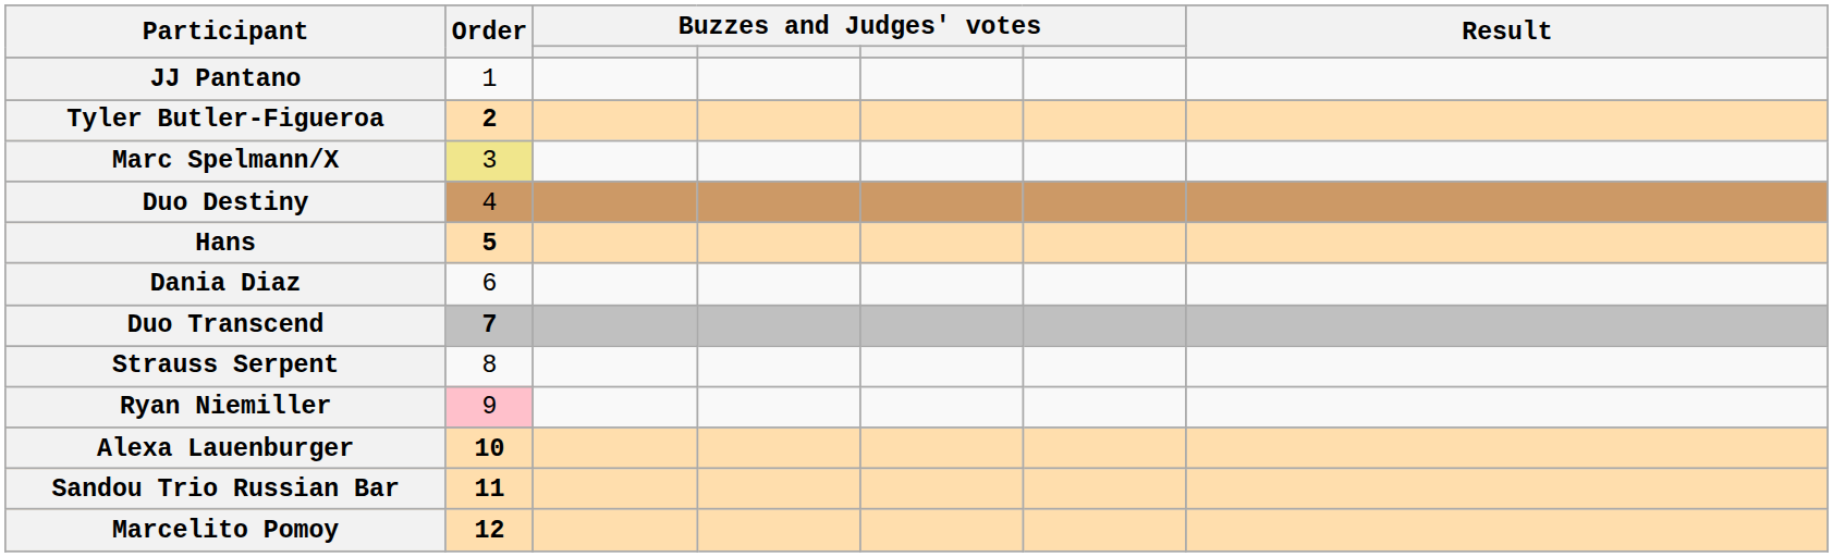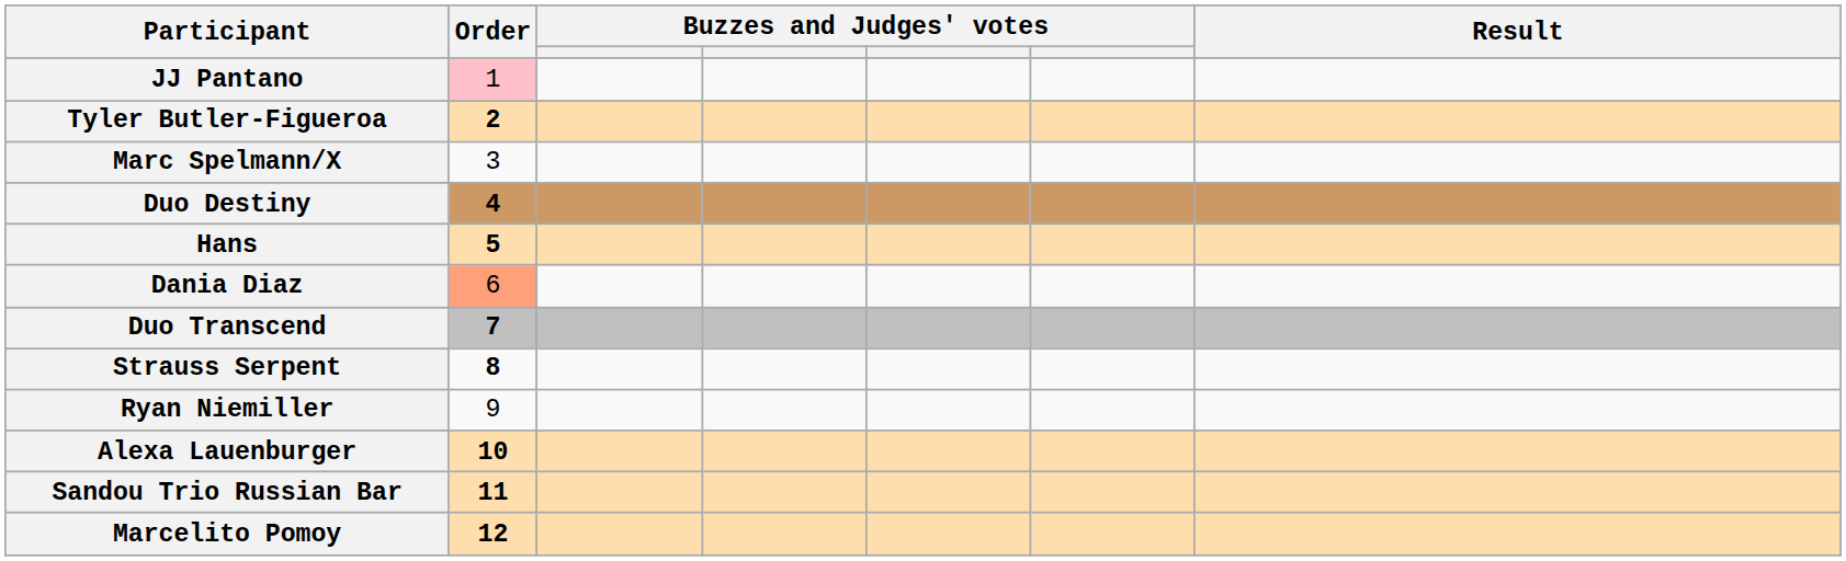 <table class="wikitable plainrowheaders sortable" style="text-align:center;">
 <tr>
 <th scope="col" rowspan="2" class="unsortable" style="width:17em;">Participant</th>
 <th scope="col" rowspan="2" style="width:1em;">Order</th>
 <th scope="col" colspan="4" class="unsortable" style="width:24em;">Buzzes and Judges' votes</th>
 <th scope="col" rowspan="2" style="width:25em;">Result</th>
 </tr>
 <tr>
 <th scope="col" class="unsortable" style="width:6em;"></th>
 <th scope="col" class="unsortable" style="width:6em;"></th>
 <th scope="col" class="unsortable" style="width:6em;"></th>
 <th scope="col" class="unsortable" style="width:6em;"></th>
 </tr>
 <tr>
 <th scope="row">JJ Pantano</th>
-<td>1</td>
+<td style="background: pink;">1</td>
 <td style="text-align:center;"></td>
 <td style="text-align:center;"></td>
 <td style="text-align:center;"></td>
 <td style="text-align:center;"></td>
 <td></td>
 </tr>
 <tr bgcolor=navajowhite>
 <th scope="row"><strong> Tyler Butler-Figueroa </strong></th>
 <td><strong> 2 </strong></td>
 <td style="text-align:center;"></td>
 <td style="text-align:center;"></td>
 <td style="text-align:center;"></td>
 <td style="text-align:center;"></td>
 <td><strong></strong></td>
 </tr>
 <tr>
 <th scope="row">Marc Spelmann/X</th>
-<td style="background: khaki;">3</td>
+<td>3</td>
 <td style="text-align:center;"></td>
 <td style="text-align:center;"></td>
 <td style="text-align:center;"></td>
 <td style="text-align:center;"></td>
 <td></td>
 </tr>
 <tr bgcolor=#c96>
 <th scope="row">Duo Destiny</th>
-<td>4</td>
+<td><strong>4</strong></td>
 <td style="text-align:center;"></td>
 <td style="text-align:center;"></td>
 <td style="text-align:center;"></td>
 <td style="text-align:center;"></td>
 <td></td>
 </tr>
 <tr bgcolor=navajowhite>
 <th scope="row"><strong> Hans </strong></th>
 <td><strong> 5 </strong></td>
 <td style="text-align:center;"></td>
 <td style="text-align:center;"></td>
 <td style="text-align:center;"></td>
 <td style="text-align:center;"></td>
 <td><strong></strong></td>
 </tr>
 <tr>
 <th scope="row">Dania Diaz</th>
-<td>6</td>
+<td style="background: lightsalmon;">6</td>
 <td style="text-align:center;"></td>
 <td style="text-align:center;"></td>
 <td style="text-align:center;"></td>
 <td style="text-align:center;"></td>
 <td></td>
 </tr>
 <tr bgcolor=Silver>
 <th scope="row"><strong> Duo Transcend </strong></th>
 <td><strong> 7 </strong></td>
 <td style="text-align:center;"></td>
 <td style="text-align:center;"></td>
 <td style="text-align:center;"></td>
 <td style="text-align:center;"></td>
 <td><strong></strong></td>
 </tr>
 <tr>
 <th scope="row">Strauss Serpent</th>
-<td>8</td>
+<td><strong>8</strong></td>
 <td style="text-align:center;"></td>
 <td style="text-align:center;"></td>
 <td style="text-align:center;"></td>
 <td style="text-align:center;"></td>
 <td></td>
 </tr>
 <tr>
 <th scope="row">Ryan Niemiller</th>
-<td style="background: pink;">9</td>
+<td>9</td>
 <td style="text-align:center;"></td>
 <td style="text-align:center;"></td>
 <td style="text-align:center;"></td>
 <td style="text-align:center;"></td>
 <td></td>
 </tr>
 <tr bgcolor=navajowhite>
 <th scope="row"><strong> Alexa Lauenburger </strong></th>
 <td><strong> 10 </strong></td>
 <td style="text-align:center;"></td>
 <td style="text-align:center;"></td>
 <td style="text-align:center;"></td>
 <td style="text-align:center;"></td>
 <td><strong></strong></td>
 </tr>
 <tr bgcolor=navajowhite>
 <th scope="row"><strong> Sandou Trio Russian Bar </strong></th>
 <td><strong> 11 </strong></td>
 <td style="text-align:center;"></td>
 <td style="text-align:center;"></td>
 <td style="text-align:center;"></td>
 <td style="text-align:center;"></td>
 <td><strong></strong></td>
 </tr>
 <tr bgcolor=navajowhite>
 <th scope="row"><strong> Marcelito Pomoy </strong></th>
 <td><strong> 12 </strong></td>
 <td style="text-align:center;"></td>
 <td style="text-align:center;"></td>
 <td style="text-align:center;"></td>
 <td style="text-align:center;"></td>
 <td><strong></strong></td>
 </tr>
 </table>
